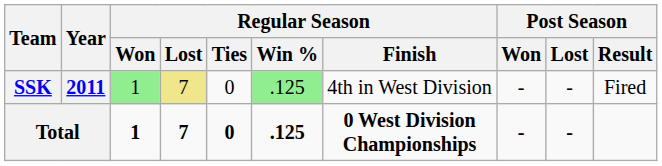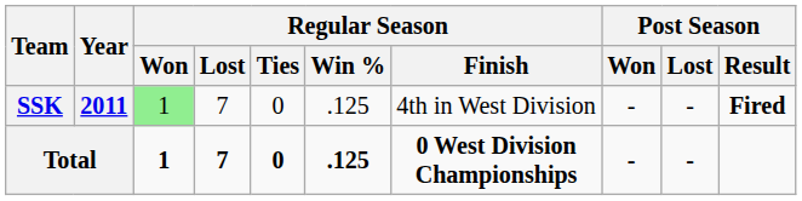 <table class="wikitable" style="font-size: 95%; text-align:center;">
 <tr>
 <th rowspan="2">Team</th>
 <th rowspan="2">Year</th>
 <th colspan="5">Regular Season</th>
 <th colspan="4">Post Season</th>
 </tr>
 <tr>
 <th>Won</th>
 <th>Lost</th>
 <th>Ties</th>
 <th>Win %</th>
 <th>Finish</th>
 <th>Won</th>
 <th>Lost</th>
 <th>Result</th>
 </tr>
 <tr>
 <th><a href='#'>SSK</a></th>
 <th><a href='#'>2011</a></th>
 <td style="background: lightgreen;">1</td>
-<td style="background: khaki;">7</td>
+<td>7</td>
 <td>0</td>
-<td style="background: lightgreen;">.125</td>
+<td>.125</td>
 <td>4th in West Division</td>
 <td>-</td>
 <td>-</td>
-<td>Fired</td>
+<td><strong>Fired</strong></td>
 </tr>
 <tr>
 <th colspan="2"><strong>Total</strong></th>
 <td><strong>1</strong></td>
 <td><strong>7</strong></td>
 <td><strong>0</strong></td>
 <td><strong>.125</strong></td>
 <td><strong>0 West Division<br>Championships</strong></td>
 <td><strong>-</strong></td>
 <td><strong>-</strong></td>
 <td></td>
 </tr>
 </table>
